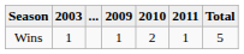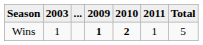 <table class="wikitable">
 <tr style=background:#efefef;font-weight:bold>
 <td>Season</td>
 <td>2003</td>
 <td>...</td>
 <td>2009</td>
 <td>2010</td>
 <td>2011</td>
 <td>Total</td>
 </tr>
 <tr align="center">
 <td>Wins</td>
 <td>1</td>
 <td></td>
-<td>1</td>
-<td>2</td>
+<td><strong>1</strong></td>
+<td><strong>2</strong></td>
 <td>1</td>
 <td>5</td>
 </tr>
 </table>
